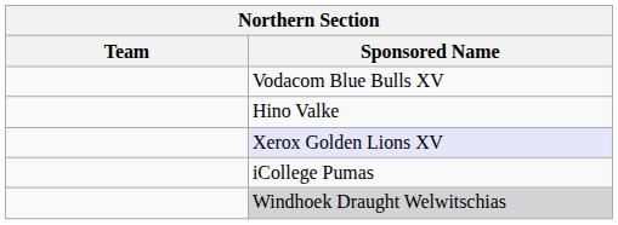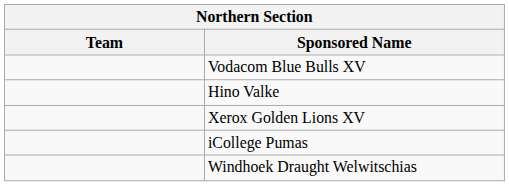 <table class="wikitable collapsible sortable" style="text-align:left; font-size:100%; width:40%;">
 <tr>
 <th colspan="100%" align=center>Northern Section</th>
 </tr>
 <tr>
 <th width="40%">Team</th>
 <th width="60%">Sponsored Name</th>
 </tr>
 <tr>
 <td></td>
 <td>Vodacom Blue Bulls XV</td>
 </tr>
 <tr>
 <td></td>
 <td>Hino Valke</td>
 </tr>
 <tr>
 <td></td>
-<td style="background: lavender;">Xerox Golden Lions XV</td>
+<td>Xerox Golden Lions XV</td>
 </tr>
 <tr>
 <td></td>
 <td>iCollege Pumas</td>
 </tr>
 <tr>
 <td></td>
-<td style="background: lightgrey;">Windhoek Draught Welwitschias</td>
+<td>Windhoek Draught Welwitschias</td>
 </tr>
 </table>
